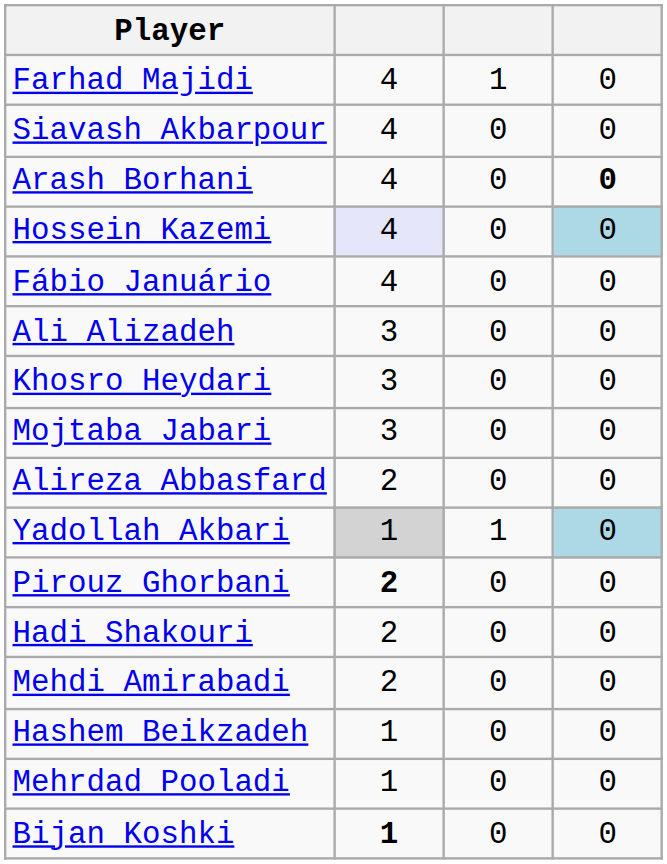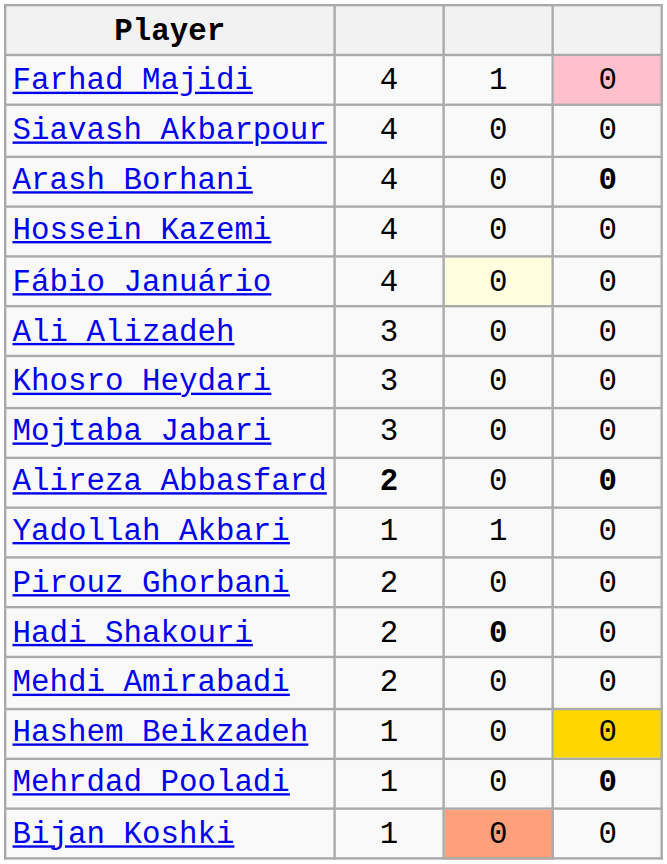 <table class="wikitable" style="text-align: center;">
 <tr>
 <th wight=200>Player</th>
 <th width=40></th>
 <th width=40></th>
 <th width=40></th>
 </tr>
 <tr>
 <td style="text-align:left"> <a href='#'>Farhad Majidi</a></td>
 <td>4</td>
 <td>1</td>
-<td>0</td>
+<td style="background: pink;">0</td>
 </tr>
 <tr>
 <td style="text-align:left"> <a href='#'>Siavash Akbarpour</a></td>
 <td>4</td>
 <td>0</td>
 <td>0</td>
 </tr>
 <tr>
 <td style="text-align:left"> <a href='#'>Arash Borhani</a></td>
 <td>4</td>
 <td>0</td>
 <td><strong>0</strong></td>
 </tr>
 <tr>
 <td style="text-align:left"> <a href='#'>Hossein Kazemi</a></td>
-<td style="background: lavender;">4</td>
+<td>4</td>
 <td>0</td>
-<td style="background: lightblue;">0</td>
+<td>0</td>
 </tr>
 <tr>
 <td style="text-align:left"> <a href='#'>Fábio Januário</a></td>
 <td>4</td>
-<td>0</td>
+<td style="background: lightyellow;">0</td>
 <td>0</td>
 </tr>
 <tr>
 <td style="text-align:left"> <a href='#'>Ali Alizadeh</a></td>
 <td>3</td>
 <td>0</td>
 <td>0</td>
 </tr>
 <tr>
 <td style="text-align:left"> <a href='#'>Khosro Heydari</a></td>
 <td>3</td>
 <td>0</td>
 <td>0</td>
 </tr>
 <tr>
 <td style="text-align:left"> <a href='#'>Mojtaba Jabari</a></td>
 <td>3</td>
 <td>0</td>
 <td>0</td>
 </tr>
 <tr>
 <td style="text-align:left"> <a href='#'>Alireza Abbasfard</a></td>
-<td>2</td>
+<td><strong>2</strong></td>
 <td>0</td>
+<td><strong>0</strong></td>
+</tr>
+<tr>
+<td style="text-align:left"> <a href='#'>Yadollah Akbari</a></td>
+<td>1</td>
+<td>1</td>
 <td>0</td>
 </tr>
 <tr>
-<td style="text-align:left"> <a href='#'>Yadollah Akbari</a></td>
-<td style="background: lightgrey;">1</td>
-<td>1</td>
-<td style="background: lightblue;">0</td>
-</tr>
-<tr>
 <td style="text-align:left"> <a href='#'>Pirouz Ghorbani</a></td>
-<td><strong>2</strong></td>
+<td>2</td>
 <td>0</td>
 <td>0</td>
 </tr>
 <tr>
 <td style="text-align:left"> <a href='#'>Hadi Shakouri</a></td>
 <td>2</td>
-<td>0</td>
+<td><strong>0</strong></td>
 <td>0</td>
 </tr>
 <tr>
 <td style="text-align:left"> <a href='#'>Mehdi Amirabadi</a></td>
 <td>2</td>
 <td>0</td>
 <td>0</td>
 </tr>
 <tr>
 <td style="text-align:left"> <a href='#'>Hashem Beikzadeh</a></td>
 <td>1</td>
 <td>0</td>
-<td>0</td>
+<td style="background: gold;">0</td>
 </tr>
 <tr>
 <td style="text-align:left"> <a href='#'>Mehrdad Pooladi</a></td>
 <td>1</td>
 <td>0</td>
-<td>0</td>
+<td><strong>0</strong></td>
 </tr>
 <tr>
 <td style="text-align:left"> <a href='#'>Bijan Koshki</a></td>
-<td><strong>1</strong></td>
-<td>0</td>
+<td>1</td>
+<td style="background: lightsalmon;">0</td>
 <td>0</td>
 </tr>
 </table>
